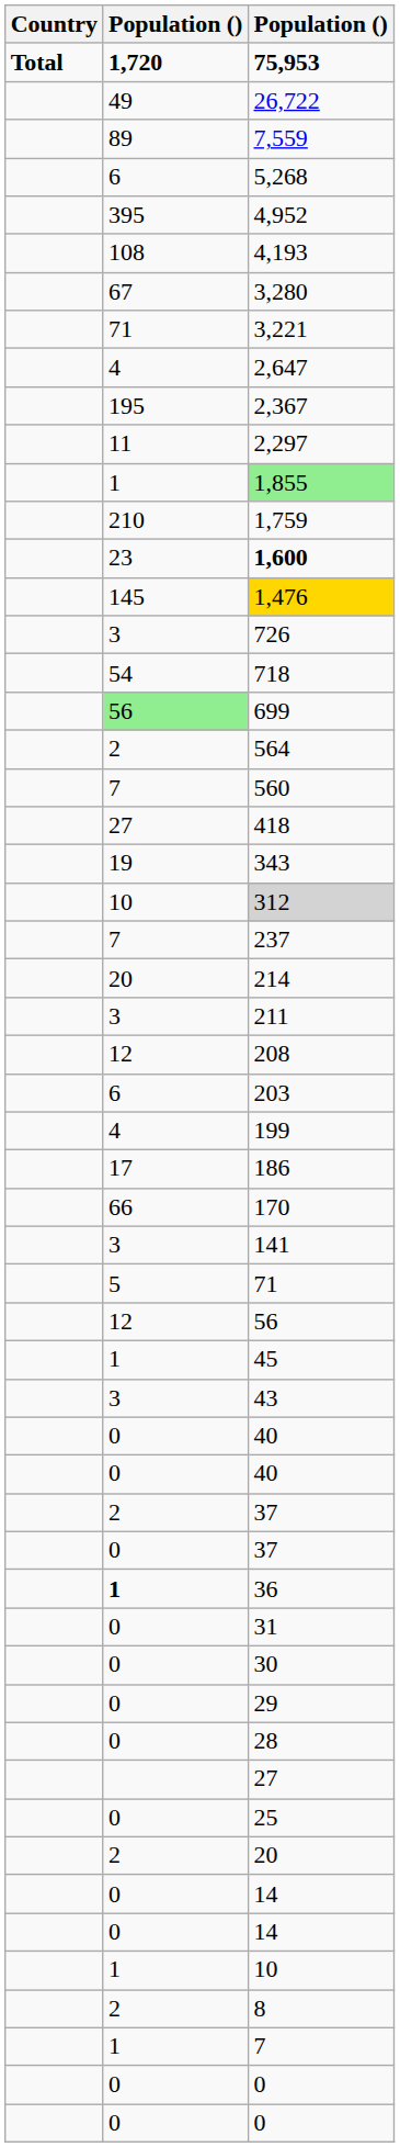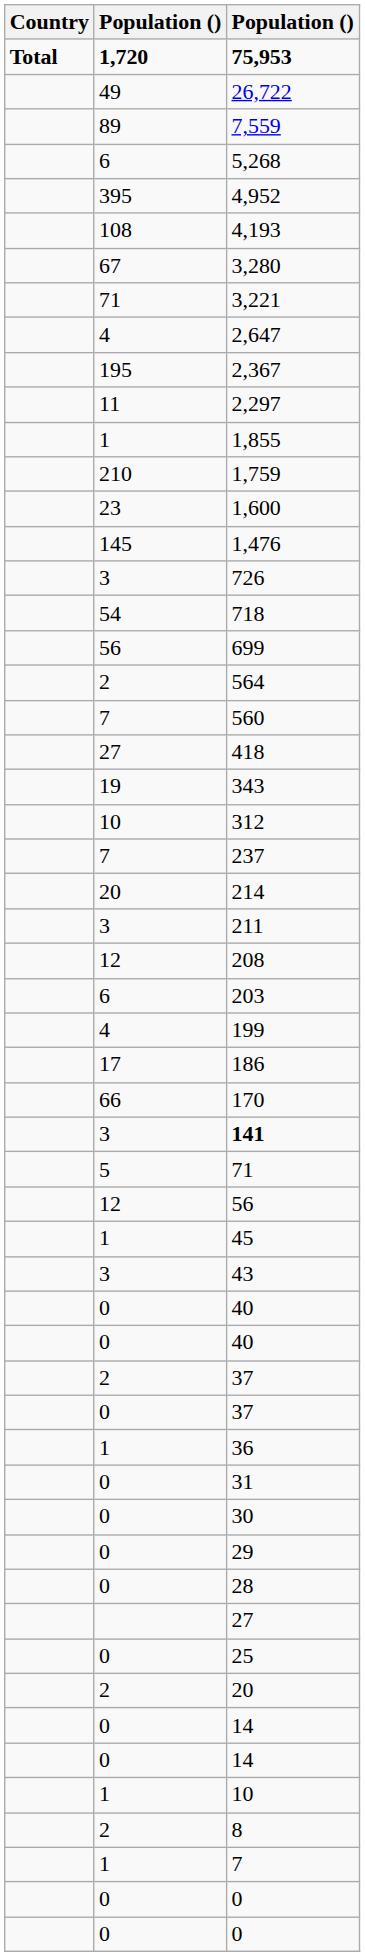 <table class="wikitable sortable">
 <tr>
 <th>Country</th>
 <th>Population ()</th>
 <th>Population ()</th>
 </tr>
 <tr>
 <td><strong>Total</strong></td>
 <td><strong>1,720</strong></td>
 <td><strong>75,953</strong></td>
 </tr>
 <tr>
 <td></td>
 <td>49</td>
 <td><a href='#'>26,722</a></td>
 </tr>
 <tr>
 <td></td>
 <td>89</td>
 <td><a href='#'>7,559</a></td>
 </tr>
 <tr>
 <td></td>
 <td>6</td>
 <td>5,268</td>
 </tr>
 <tr>
 <td></td>
 <td>395</td>
 <td>4,952</td>
 </tr>
 <tr>
 <td></td>
 <td>108</td>
 <td>4,193</td>
 </tr>
 <tr>
 <td></td>
 <td>67</td>
 <td>3,280</td>
 </tr>
 <tr>
 <td></td>
 <td>71</td>
 <td>3,221</td>
 </tr>
 <tr>
 <td></td>
 <td>4</td>
 <td>2,647</td>
 </tr>
 <tr>
 <td></td>
 <td>195</td>
 <td>2,367</td>
 </tr>
 <tr>
 <td></td>
 <td>11</td>
 <td>2,297</td>
 </tr>
 <tr>
 <td></td>
 <td>1</td>
-<td style="background: lightgreen;">1,855</td>
+<td>1,855</td>
 </tr>
 <tr>
 <td></td>
 <td>210</td>
 <td>1,759</td>
 </tr>
 <tr>
 <td></td>
 <td>23</td>
-<td><strong>1,600</strong></td>
+<td>1,600</td>
 </tr>
 <tr>
 <td></td>
 <td>145</td>
-<td style="background: gold;">1,476</td>
+<td>1,476</td>
 </tr>
 <tr>
 <td></td>
 <td>3</td>
 <td>726</td>
 </tr>
 <tr>
 <td></td>
 <td>54</td>
 <td>718</td>
 </tr>
 <tr>
 <td></td>
-<td style="background: lightgreen;">56</td>
+<td>56</td>
 <td>699</td>
 </tr>
 <tr>
 <td></td>
 <td>2</td>
 <td>564</td>
 </tr>
 <tr>
 <td></td>
 <td>7</td>
 <td>560</td>
 </tr>
 <tr>
 <td></td>
 <td>27</td>
 <td>418</td>
 </tr>
 <tr>
 <td></td>
 <td>19</td>
 <td>343</td>
 </tr>
 <tr>
 <td></td>
 <td>10</td>
-<td style="background: lightgrey;">312</td>
+<td>312</td>
 </tr>
 <tr>
 <td></td>
 <td>7</td>
 <td>237</td>
 </tr>
 <tr>
 <td></td>
 <td>20</td>
 <td>214</td>
 </tr>
 <tr>
 <td></td>
 <td>3</td>
 <td>211</td>
 </tr>
 <tr>
 <td></td>
 <td>12</td>
 <td>208</td>
 </tr>
 <tr>
 <td></td>
 <td>6</td>
 <td>203</td>
 </tr>
 <tr>
 <td></td>
 <td>4</td>
 <td>199</td>
 </tr>
 <tr>
 <td></td>
 <td>17</td>
 <td>186</td>
 </tr>
 <tr>
 <td></td>
 <td>66</td>
 <td>170</td>
 </tr>
 <tr>
 <td></td>
 <td>3</td>
-<td>141</td>
+<td><strong>141</strong></td>
 </tr>
 <tr>
 <td></td>
 <td>5</td>
 <td>71</td>
 </tr>
 <tr>
 <td></td>
 <td>12</td>
 <td>56</td>
 </tr>
 <tr>
 <td></td>
 <td>1</td>
 <td>45</td>
 </tr>
 <tr>
 <td></td>
 <td>3</td>
 <td>43</td>
 </tr>
 <tr>
 <td></td>
 <td>0</td>
 <td>40</td>
 </tr>
 <tr>
 <td></td>
 <td>0</td>
 <td>40</td>
 </tr>
 <tr>
 <td></td>
 <td>2</td>
 <td>37</td>
 </tr>
 <tr>
 <td></td>
 <td>0</td>
 <td>37</td>
 </tr>
 <tr>
 <td></td>
-<td><strong>1</strong></td>
+<td>1</td>
 <td>36</td>
 </tr>
 <tr>
 <td></td>
 <td>0</td>
 <td>31</td>
 </tr>
 <tr>
 <td></td>
 <td>0</td>
 <td>30</td>
 </tr>
 <tr>
 <td></td>
 <td>0</td>
 <td>29</td>
 </tr>
 <tr>
 <td></td>
 <td>0</td>
 <td>28</td>
 </tr>
 <tr>
 <td></td>
 <td></td>
 <td>27</td>
 </tr>
 <tr>
 <td></td>
 <td>0</td>
 <td>25</td>
 </tr>
 <tr>
 <td></td>
 <td>2</td>
 <td>20</td>
 </tr>
 <tr>
 <td></td>
 <td>0</td>
 <td>14</td>
 </tr>
 <tr>
 <td></td>
 <td>0</td>
 <td>14</td>
 </tr>
 <tr>
 <td></td>
 <td>1</td>
 <td>10</td>
 </tr>
 <tr>
 <td></td>
 <td>2</td>
 <td>8</td>
 </tr>
 <tr>
 <td></td>
 <td>1</td>
 <td>7</td>
 </tr>
 <tr>
 <td></td>
 <td>0</td>
 <td>0</td>
 </tr>
 <tr>
 <td></td>
 <td>0</td>
 <td>0</td>
 </tr>
 <tr>
 </tr>
 </table>
